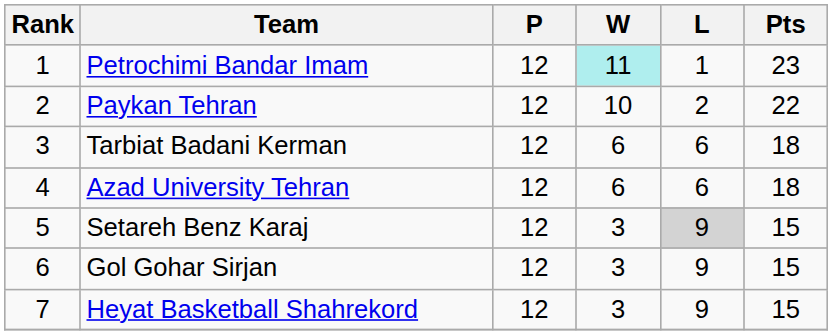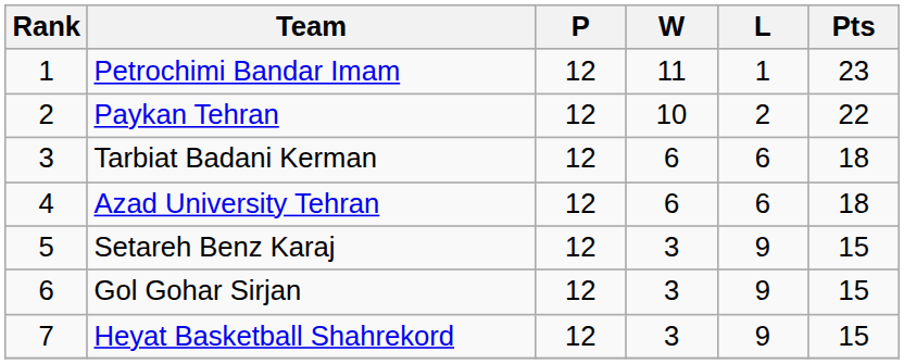 <table class="wikitable" style="text-align: center;">
 <tr>
 <th width=40>Rank</th>
 <th width=250>Team</th>
 <th width=45>P</th>
 <th width=45>W</th>
 <th width=45>L</th>
 <th width=45>Pts</th>
 </tr>
 <tr>
 <td>1</td>
 <td align="left"><a href='#'>Petrochimi Bandar Imam</a></td>
 <td>12</td>
-<td style="background: paleturquoise;">11</td>
+<td>11</td>
 <td>1</td>
 <td>23</td>
 </tr>
 <tr>
 <td>2</td>
 <td align="left"><a href='#'>Paykan Tehran</a></td>
 <td>12</td>
 <td>10</td>
 <td>2</td>
 <td>22</td>
 </tr>
 <tr>
 <td>3</td>
 <td align="left">Tarbiat Badani Kerman</td>
 <td>12</td>
 <td>6</td>
 <td>6</td>
 <td>18</td>
 </tr>
 <tr>
 <td>4</td>
 <td align="left"><a href='#'>Azad University Tehran</a></td>
 <td>12</td>
 <td>6</td>
 <td>6</td>
 <td>18</td>
 </tr>
 <tr>
 <td>5</td>
 <td align="left">Setareh Benz Karaj</td>
 <td>12</td>
 <td>3</td>
-<td style="background: lightgrey;">9</td>
+<td>9</td>
 <td>15</td>
 </tr>
 <tr>
 <td>6</td>
 <td align="left">Gol Gohar Sirjan</td>
 <td>12</td>
 <td>3</td>
 <td>9</td>
 <td>15</td>
 </tr>
 <tr>
 <td>7</td>
 <td align="left"><a href='#'>Heyat Basketball Shahrekord</a></td>
 <td>12</td>
 <td>3</td>
 <td>9</td>
 <td>15</td>
 </tr>
 <tr>
 </tr>
 </table>
